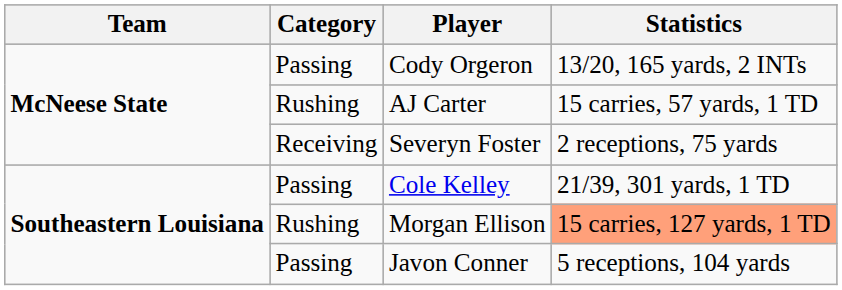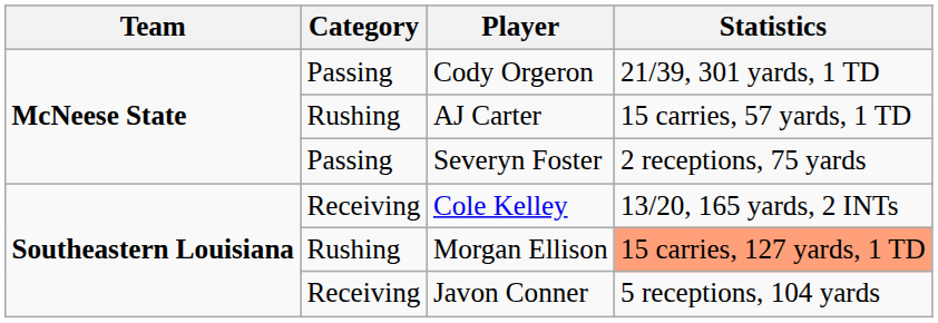 <table class="wikitable" style="float: left;">
 <tr>
 <th>Team</th>
 <th>Category</th>
 <th>Player</th>
 <th>Statistics</th>
 </tr>
 <tr>
 <td rowspan=3><strong>McNeese State</strong></td>
 <td>Passing</td>
 <td>Cody Orgeron</td>
-<td>13/20, 165 yards, 2 INTs</td>
+<td>21/39, 301 yards, 1 TD</td>
 </tr>
 <tr>
 <td>Rushing</td>
 <td>AJ Carter</td>
 <td>15 carries, 57 yards, 1 TD</td>
 </tr>
 <tr>
-<td>Receiving</td>
+<td>Passing</td>
 <td>Severyn Foster</td>
 <td>2 receptions, 75 yards</td>
 </tr>
 <tr>
 <td rowspan=3><strong>Southeastern Louisiana</strong></td>
-<td>Passing</td>
+<td>Receiving</td>
 <td><a href='#'>Cole Kelley</a></td>
-<td>21/39, 301 yards, 1 TD</td>
+<td>13/20, 165 yards, 2 INTs</td>
 </tr>
 <tr>
 <td>Rushing</td>
 <td>Morgan Ellison</td>
 <td style="background: lightsalmon;">15 carries, 127 yards, 1 TD</td>
 </tr>
 <tr>
-<td>Passing</td>
+<td>Receiving</td>
 <td>Javon Conner</td>
 <td>5 receptions, 104 yards</td>
 </tr>
 </table>
